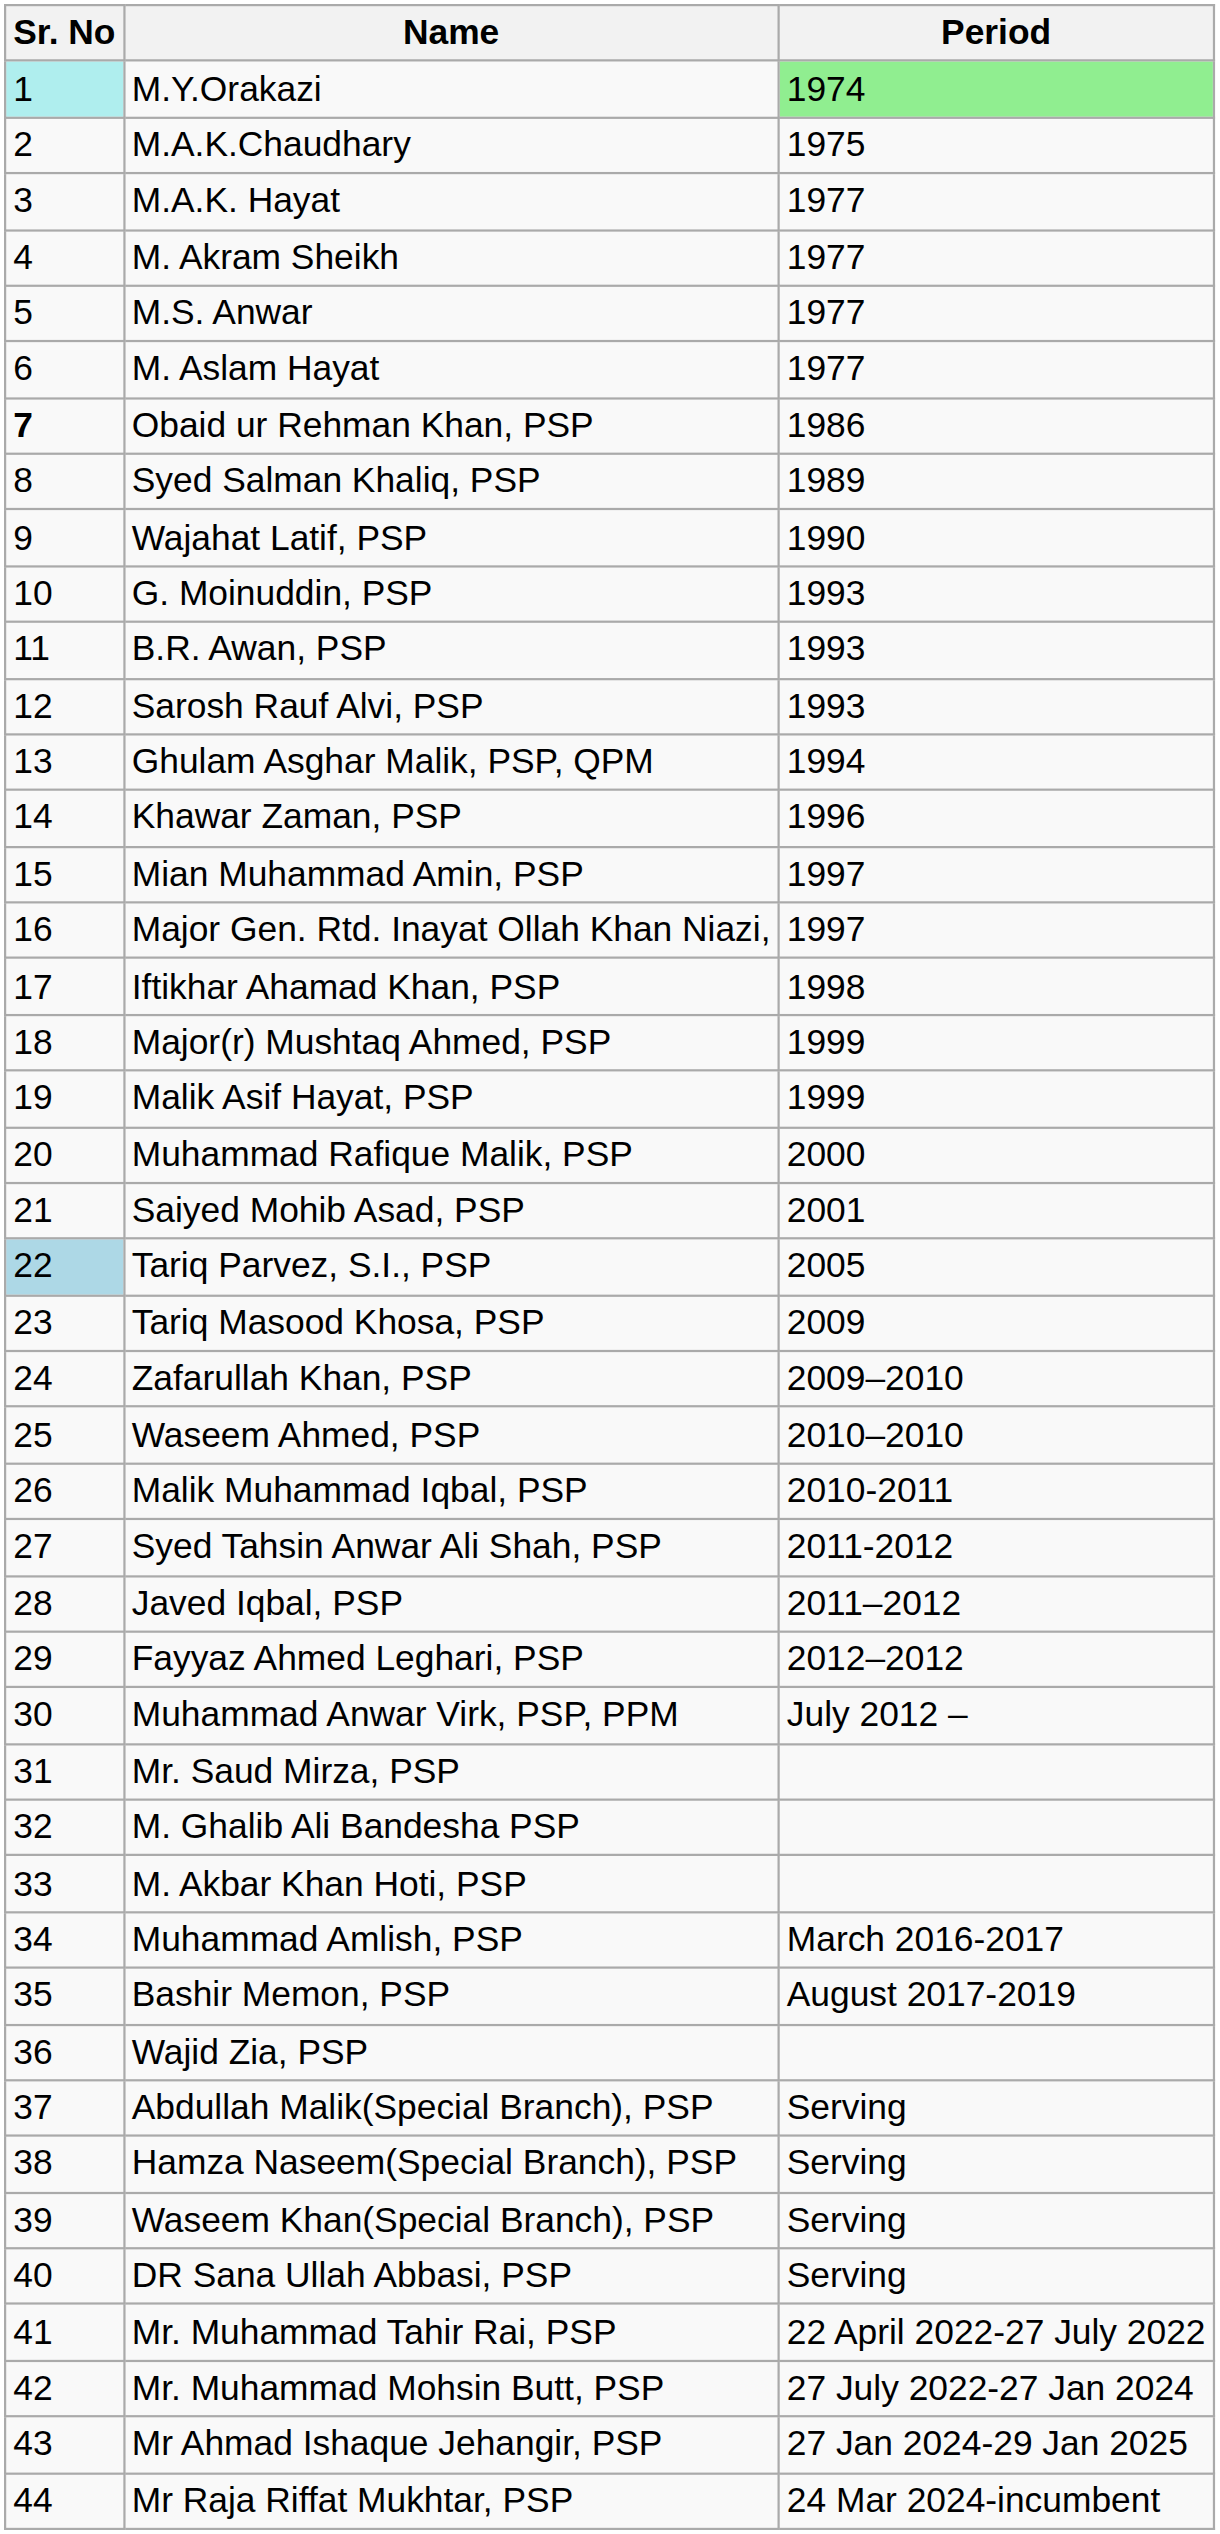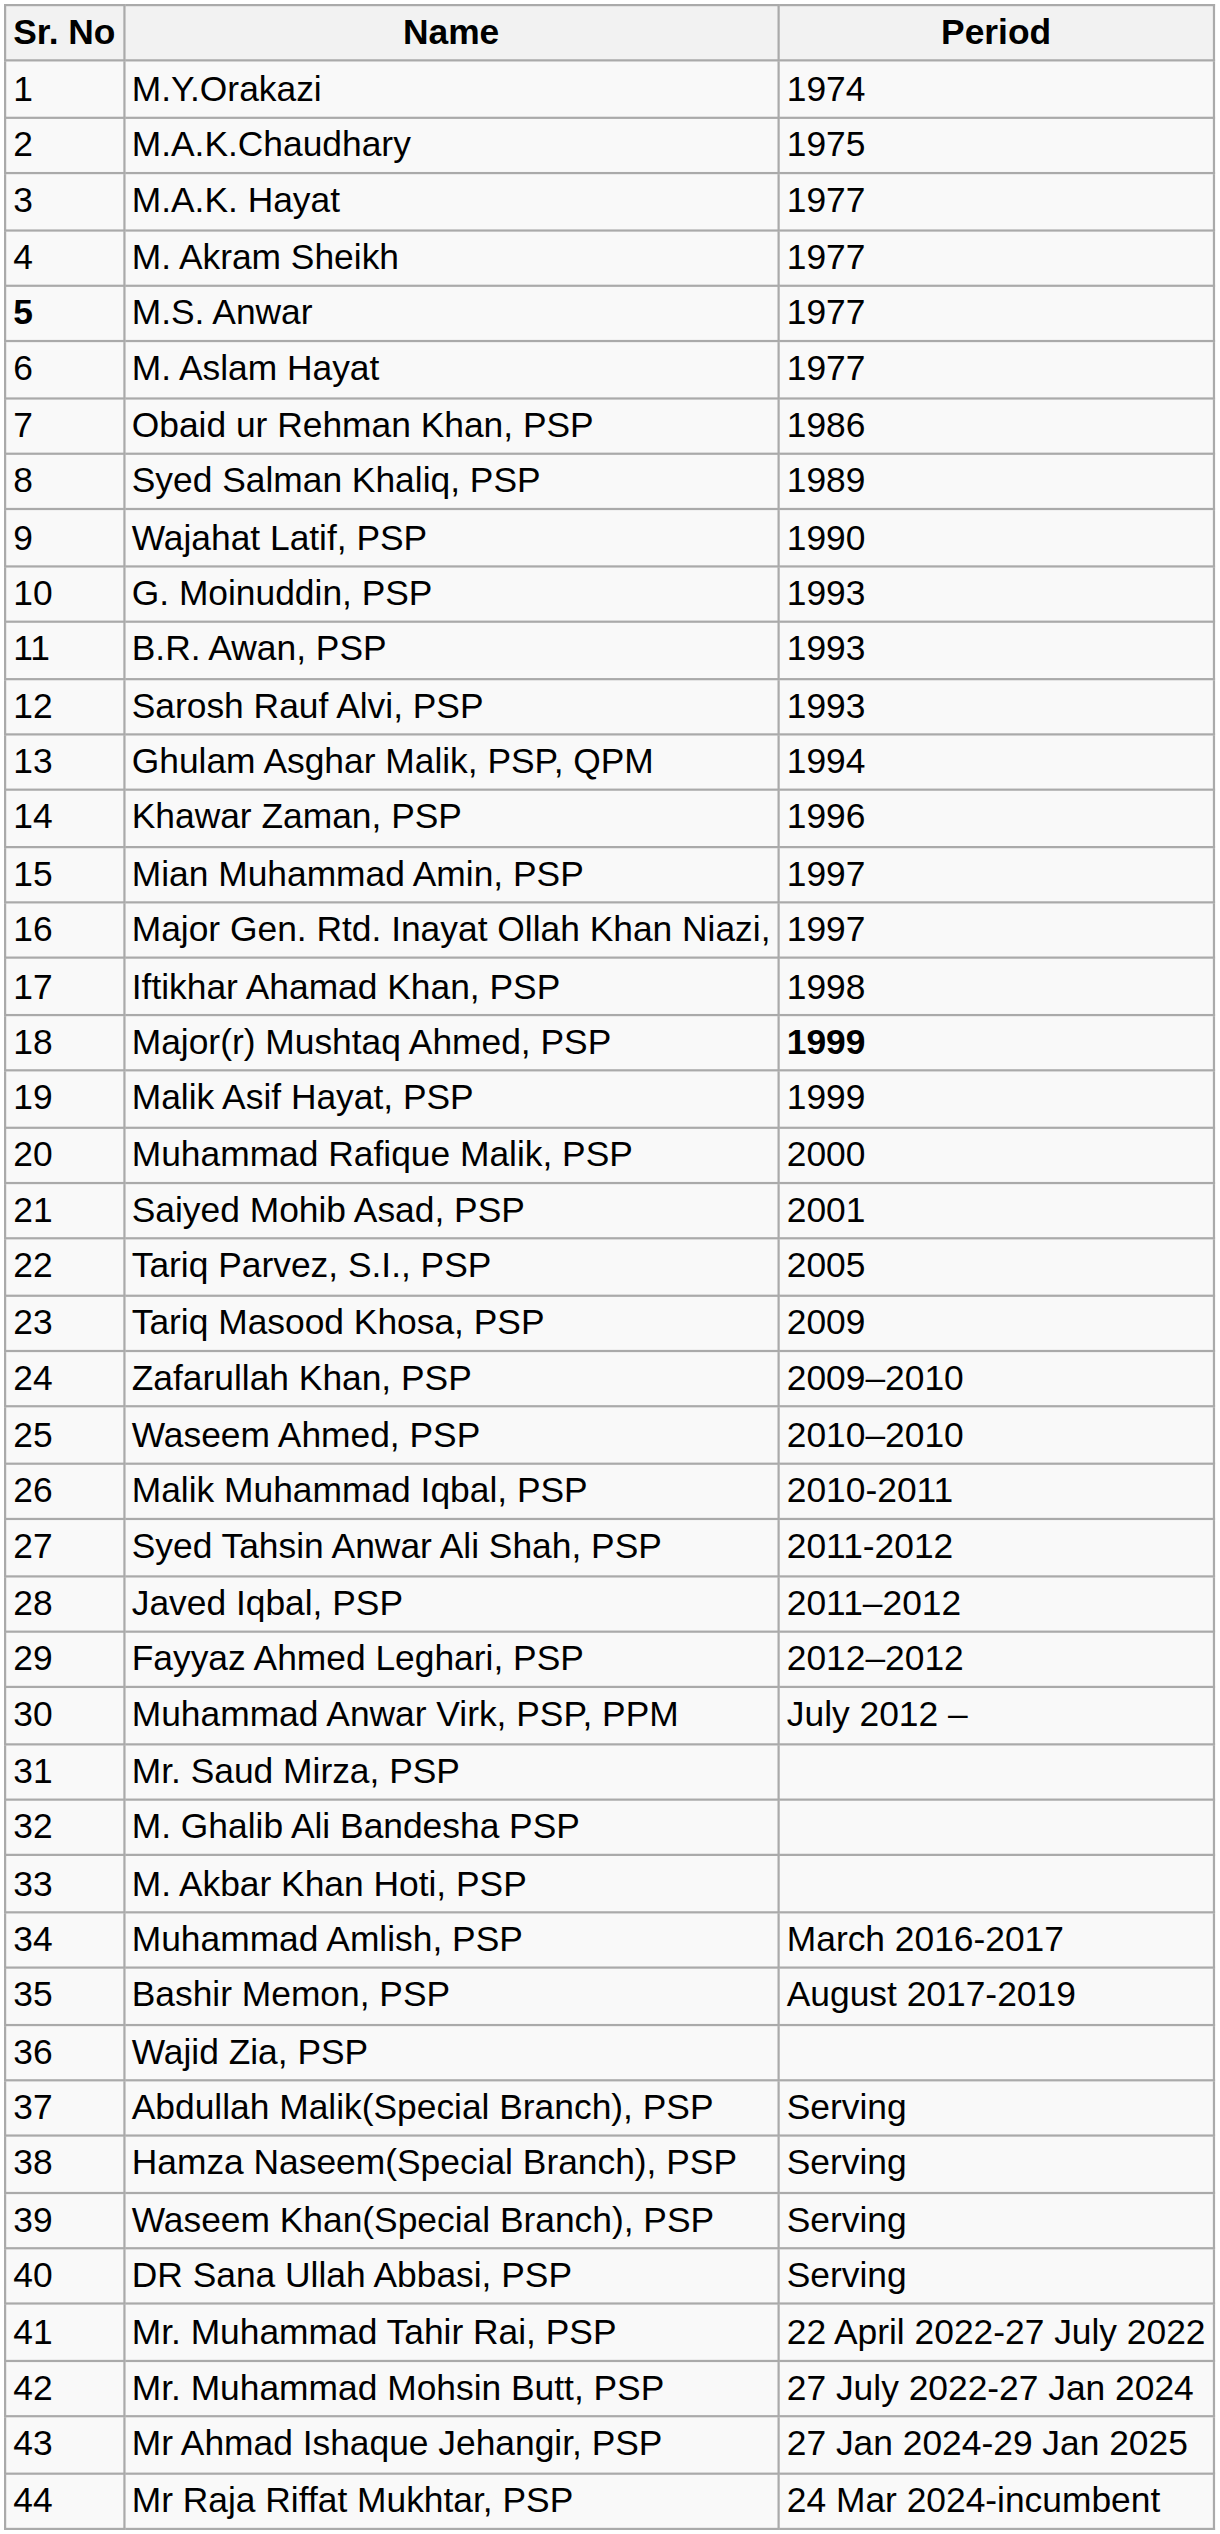 <table class="wikitable">
 <tr>
 <th>Sr. No</th>
 <th>Name</th>
 <th>Period</th>
 </tr>
 <tr>
-<td style="background: paleturquoise;">1</td>
+<td>1</td>
 <td>M.Y.Orakazi</td>
-<td style="background: lightgreen;">1974</td>
+<td>1974</td>
 </tr>
 <tr>
 <td>2</td>
 <td>M.A.K.Chaudhary</td>
 <td>1975</td>
 </tr>
 <tr>
 <td>3</td>
 <td>M.A.K. Hayat</td>
 <td>1977</td>
 </tr>
 <tr>
 <td>4</td>
 <td>M. Akram Sheikh</td>
 <td>1977</td>
 </tr>
 <tr>
-<td>5</td>
+<td><strong>5</strong></td>
 <td>M.S. Anwar</td>
 <td>1977</td>
 </tr>
 <tr>
 <td>6</td>
 <td>M. Aslam Hayat</td>
 <td>1977</td>
 </tr>
 <tr>
-<td><strong>7</strong></td>
+<td>7</td>
 <td Muhammad Azam Qazi, PSP>Obaid ur Rehman Khan, PSP</td>
 <td>1986</td>
 </tr>
 <tr>
 <td>8</td>
 <td>Syed Salman Khaliq, PSP</td>
 <td>1989</td>
 </tr>
 <tr>
 <td>9</td>
 <td>Wajahat Latif, PSP</td>
 <td>1990</td>
 </tr>
 <tr Sanaullah abbasi PSP||2021>
 <td>10</td>
 <td>G. Moinuddin, PSP</td>
 <td>1993</td>
 </tr>
 <tr>
 <td>11</td>
 <td>B.R. Awan, PSP</td>
 <td>1993</td>
 </tr>
 <tr>
 <td>12</td>
 <td>Sarosh Rauf Alvi, PSP</td>
 <td>1993</td>
 </tr>
 <tr>
 <td>13</td>
 <td>Ghulam Asghar Malik, PSP, QPM</td>
 <td>1994</td>
 </tr>
 <tr>
 <td>14</td>
 <td>Khawar Zaman, PSP</td>
 <td>1996</td>
 </tr>
 <tr>
 <td>15</td>
 <td>Mian Muhammad Amin, PSP</td>
 <td>1997</td>
 </tr>
 <tr>
 <td>16</td>
 <td>Major Gen. Rtd. Inayat Ollah Khan Niazi,</td>
 <td>1997</td>
 </tr>
 <tr>
 <td>17</td>
 <td>Iftikhar Ahamad Khan, PSP</td>
 <td>1998</td>
 </tr>
 <tr>
 <td>18</td>
 <td>Major(r) Mushtaq Ahmed, PSP</td>
-<td>1999</td>
+<td><strong>1999</strong></td>
 </tr>
 <tr>
 <td>19</td>
 <td>Malik Asif Hayat, PSP</td>
 <td>1999</td>
 </tr>
 <tr>
 <td>20</td>
 <td>Muhammad Rafique Malik, PSP</td>
 <td>2000</td>
 </tr>
 <tr>
 <td>21</td>
 <td>Saiyed Mohib Asad, PSP</td>
 <td>2001</td>
 </tr>
 <tr>
-<td style="background: lightblue;">22</td>
+<td>22</td>
 <td>Tariq Parvez, S.I., PSP</td>
 <td>2005</td>
 </tr>
 <tr>
 <td>23</td>
 <td>Tariq Masood Khosa, PSP</td>
 <td>2009</td>
 </tr>
 <tr>
 <td>24</td>
 <td>Zafarullah Khan, PSP</td>
 <td>2009–2010</td>
 </tr>
 <tr>
 <td>25</td>
 <td>Waseem Ahmed, PSP</td>
 <td>2010–2010</td>
 </tr>
 <tr>
 <td>26</td>
 <td>Malik Muhammad Iqbal, PSP</td>
 <td>2010-2011</td>
 </tr>
 <tr>
 <td>27</td>
 <td>Syed Tahsin Anwar Ali Shah, PSP</td>
 <td>2011-2012</td>
 </tr>
 <tr>
 <td>28</td>
 <td>Javed Iqbal, PSP</td>
 <td>2011–2012</td>
 </tr>
 <tr>
 <td>29</td>
 <td>Fayyaz Ahmed Leghari, PSP</td>
 <td>2012–2012</td>
 </tr>
 <tr>
 <td>30</td>
 <td>Muhammad Anwar Virk, PSP, PPM</td>
 <td>July 2012 –</td>
 </tr>
 <tr>
 <td>31</td>
 <td>Mr. Saud Mirza, PSP</td>
 <td></td>
 </tr>
 <tr>
 <td>32</td>
 <td>M. Ghalib Ali Bandesha PSP</td>
 <td></td>
 </tr>
 <tr>
 <td>33</td>
 <td>M. Akbar Khan Hoti, PSP</td>
 <td></td>
 </tr>
 <tr>
 <td>34</td>
 <td>Muhammad Amlish,  PSP</td>
 <td>March 2016-2017</td>
 </tr>
 <tr>
 <td>35</td>
 <td>Bashir Memon,  PSP</td>
 <td>August 2017-2019</td>
 </tr>
 <tr>
 <td>36</td>
 <td>Wajid Zia,  PSP</td>
 <td></td>
 </tr>
 <tr>
 <td>37</td>
 <td>Abdullah Malik(Special Branch),  PSP</td>
 <td>Serving</td>
 </tr>
 <tr>
 <td>38</td>
 <td>Hamza Naseem(Special Branch),  PSP</td>
 <td>Serving</td>
 </tr>
 <tr>
 <td>39</td>
 <td>Waseem Khan(Special Branch),  PSP</td>
 <td>Serving</td>
 </tr>
 <tr>
 <td>40</td>
 <td>DR Sana Ullah Abbasi,  PSP</td>
 <td>Serving</td>
 </tr>
 <tr>
 <td>41</td>
 <td>Mr. Muhammad Tahir Rai, PSP</td>
 <td>22 April 2022-27 July 2022</td>
 </tr>
 <tr>
 <td>42</td>
 <td>Mr. Muhammad Mohsin Butt, PSP</td>
 <td>27 July 2022-27 Jan 2024</td>
 </tr>
 <tr>
 <td>43</td>
 <td>Mr Ahmad Ishaque Jehangir, PSP</td>
 <td>27 Jan 2024-29 Jan 2025</td>
 </tr>
 <tr>
 <td>44</td>
 <td>Mr Raja Riffat Mukhtar, PSP</td>
 <td>24 Mar 2024-incumbent</td>
 </tr>
 </table>
